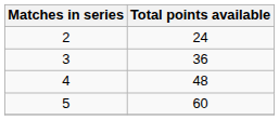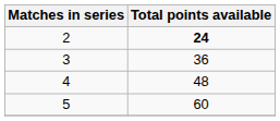 <table class="wikitable" style="text-align:center">
 <tr>
 <th>Matches in series</th>
 <th>Total points available</th>
 </tr>
 <tr>
 <td>2</td>
-<td>24</td>
+<td><strong>24</strong></td>
 </tr>
 <tr>
 <td>3</td>
 <td>36</td>
 </tr>
 <tr>
 <td>4</td>
 <td>48</td>
 </tr>
 <tr>
 <td>5</td>
 <td>60</td>
 </tr>
 <tr>
 </tr>
 </table>
